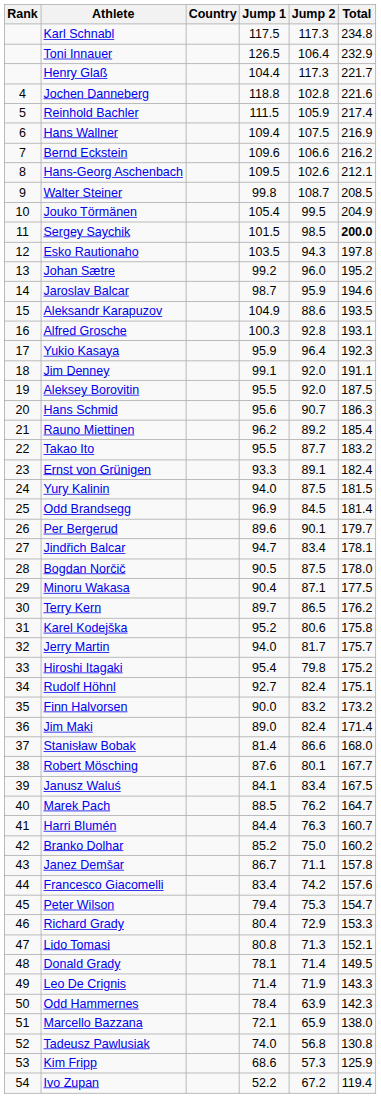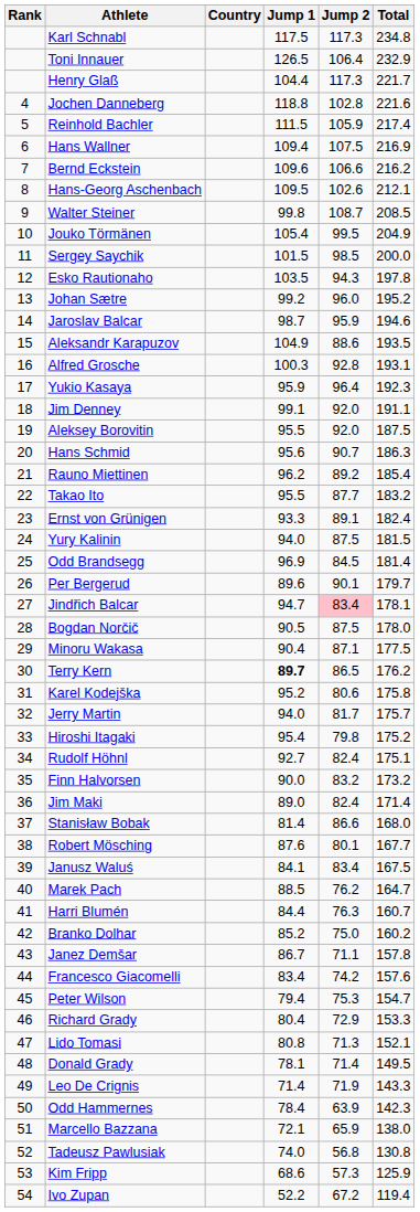 <table class="wikitable sortable" style="text-align:center">
 <tr>
 <th>Rank</th>
 <th>Athlete</th>
 <th>Country</th>
 <th>Jump 1</th>
 <th>Jump 2</th>
 <th>Total</th>
 </tr>
 <tr>
 <td></td>
 <td align=left><a href='#'>Karl Schnabl</a></td>
 <td align=left></td>
 <td>117.5</td>
 <td>117.3</td>
 <td>234.8</td>
 </tr>
 <tr>
 <td></td>
 <td align=left><a href='#'>Toni Innauer</a></td>
 <td align=left></td>
 <td>126.5</td>
 <td>106.4</td>
 <td>232.9</td>
 </tr>
 <tr>
 <td></td>
 <td align=left><a href='#'>Henry Glaß</a></td>
 <td align=left></td>
 <td>104.4</td>
 <td>117.3</td>
 <td>221.7</td>
 </tr>
 <tr>
 <td>4</td>
 <td align=left><a href='#'>Jochen Danneberg</a></td>
 <td align=left></td>
 <td>118.8</td>
 <td>102.8</td>
 <td>221.6</td>
 </tr>
 <tr>
 <td>5</td>
 <td align=left><a href='#'>Reinhold Bachler</a></td>
 <td align=left></td>
 <td>111.5</td>
 <td>105.9</td>
 <td>217.4</td>
 </tr>
 <tr>
 <td>6</td>
 <td align=left><a href='#'>Hans Wallner</a></td>
 <td align=left></td>
 <td>109.4</td>
 <td>107.5</td>
 <td>216.9</td>
 </tr>
 <tr>
 <td>7</td>
 <td align=left><a href='#'>Bernd Eckstein</a></td>
 <td align=left></td>
 <td>109.6</td>
 <td>106.6</td>
 <td>216.2</td>
 </tr>
 <tr>
 <td>8</td>
 <td align=left><a href='#'>Hans-Georg Aschenbach</a></td>
 <td align=left></td>
 <td>109.5</td>
 <td>102.6</td>
 <td>212.1</td>
 </tr>
 <tr>
 <td>9</td>
 <td align=left><a href='#'>Walter Steiner</a></td>
 <td align=left></td>
 <td>99.8</td>
 <td>108.7</td>
 <td>208.5</td>
 </tr>
 <tr>
 <td>10</td>
 <td align=left><a href='#'>Jouko Törmänen</a></td>
 <td align=left></td>
 <td>105.4</td>
 <td>99.5</td>
 <td>204.9</td>
 </tr>
 <tr>
 <td>11</td>
 <td align=left><a href='#'>Sergey Saychik</a></td>
 <td align=left></td>
 <td>101.5</td>
 <td>98.5</td>
-<td><strong>200.0</strong></td>
+<td>200.0</td>
 </tr>
 <tr>
 <td>12</td>
 <td align=left><a href='#'>Esko Rautionaho</a></td>
 <td align=left></td>
 <td>103.5</td>
 <td>94.3</td>
 <td>197.8</td>
 </tr>
 <tr>
 <td>13</td>
 <td align=left><a href='#'>Johan Sætre</a></td>
 <td align=left></td>
 <td>99.2</td>
 <td>96.0</td>
 <td>195.2</td>
 </tr>
 <tr>
 <td>14</td>
 <td align=left><a href='#'>Jaroslav Balcar</a></td>
 <td align=left></td>
 <td>98.7</td>
 <td>95.9</td>
 <td>194.6</td>
 </tr>
 <tr>
 <td>15</td>
 <td align=left><a href='#'>Aleksandr Karapuzov</a></td>
 <td align=left></td>
 <td>104.9</td>
 <td>88.6</td>
 <td>193.5</td>
 </tr>
 <tr>
 <td>16</td>
 <td align=left><a href='#'>Alfred Grosche</a></td>
 <td align=left></td>
 <td>100.3</td>
 <td>92.8</td>
 <td>193.1</td>
 </tr>
 <tr>
 <td>17</td>
 <td align=left><a href='#'>Yukio Kasaya</a></td>
 <td align=left></td>
 <td>95.9</td>
 <td>96.4</td>
 <td>192.3</td>
 </tr>
 <tr>
 <td>18</td>
 <td align=left><a href='#'>Jim Denney</a></td>
 <td align=left></td>
 <td>99.1</td>
 <td>92.0</td>
 <td>191.1</td>
 </tr>
 <tr>
 <td>19</td>
 <td align=left><a href='#'>Aleksey Borovitin</a></td>
 <td align=left></td>
 <td>95.5</td>
 <td>92.0</td>
 <td>187.5</td>
 </tr>
 <tr>
 <td>20</td>
 <td align=left><a href='#'>Hans Schmid</a></td>
 <td align=left></td>
 <td>95.6</td>
 <td>90.7</td>
 <td>186.3</td>
 </tr>
 <tr>
 <td>21</td>
 <td align=left><a href='#'>Rauno Miettinen</a></td>
 <td align=left></td>
 <td>96.2</td>
 <td>89.2</td>
 <td>185.4</td>
 </tr>
 <tr>
 <td>22</td>
 <td align=left><a href='#'>Takao Ito</a></td>
 <td align=left></td>
 <td>95.5</td>
 <td>87.7</td>
 <td>183.2</td>
 </tr>
 <tr>
 <td>23</td>
 <td align=left><a href='#'>Ernst von Grünigen</a></td>
 <td align=left></td>
 <td>93.3</td>
 <td>89.1</td>
 <td>182.4</td>
 </tr>
 <tr>
 <td>24</td>
 <td align=left><a href='#'>Yury Kalinin</a></td>
 <td align=left></td>
 <td>94.0</td>
 <td>87.5</td>
 <td>181.5</td>
 </tr>
 <tr>
 <td>25</td>
 <td align=left><a href='#'>Odd Brandsegg</a></td>
 <td align=left></td>
 <td>96.9</td>
 <td>84.5</td>
 <td>181.4</td>
 </tr>
 <tr>
 <td>26</td>
 <td align=left><a href='#'>Per Bergerud</a></td>
 <td align=left></td>
 <td>89.6</td>
 <td>90.1</td>
 <td>179.7</td>
 </tr>
 <tr>
 <td>27</td>
 <td align=left><a href='#'>Jindřich Balcar</a></td>
 <td align=left></td>
 <td>94.7</td>
-<td>83.4</td>
+<td style="background: pink;">83.4</td>
 <td>178.1</td>
 </tr>
 <tr>
 <td>28</td>
 <td align=left><a href='#'>Bogdan Norčič</a></td>
 <td align=left></td>
 <td>90.5</td>
 <td>87.5</td>
 <td>178.0</td>
 </tr>
 <tr>
 <td>29</td>
 <td align=left><a href='#'>Minoru Wakasa</a></td>
 <td align=left></td>
 <td>90.4</td>
 <td>87.1</td>
 <td>177.5</td>
 </tr>
 <tr>
 <td>30</td>
 <td align=left><a href='#'>Terry Kern</a></td>
 <td align=left></td>
-<td>89.7</td>
+<td><strong>89.7</strong></td>
 <td>86.5</td>
 <td>176.2</td>
 </tr>
 <tr>
 <td>31</td>
 <td align=left><a href='#'>Karel Kodejška</a></td>
 <td align=left></td>
 <td>95.2</td>
 <td>80.6</td>
 <td>175.8</td>
 </tr>
 <tr>
 <td>32</td>
 <td align=left><a href='#'>Jerry Martin</a></td>
 <td align=left></td>
 <td>94.0</td>
 <td>81.7</td>
 <td>175.7</td>
 </tr>
 <tr>
 <td>33</td>
 <td align=left><a href='#'>Hiroshi Itagaki</a></td>
 <td align=left></td>
 <td>95.4</td>
 <td>79.8</td>
 <td>175.2</td>
 </tr>
 <tr>
 <td>34</td>
 <td align=left><a href='#'>Rudolf Höhnl</a></td>
 <td align=left></td>
 <td>92.7</td>
 <td>82.4</td>
 <td>175.1</td>
 </tr>
 <tr>
 <td>35</td>
 <td align=left><a href='#'>Finn Halvorsen</a></td>
 <td align=left></td>
 <td>90.0</td>
 <td>83.2</td>
 <td>173.2</td>
 </tr>
 <tr>
 <td>36</td>
 <td align=left><a href='#'>Jim Maki</a></td>
 <td align=left></td>
 <td>89.0</td>
 <td>82.4</td>
 <td>171.4</td>
 </tr>
 <tr>
 <td>37</td>
 <td align=left><a href='#'>Stanisław Bobak</a></td>
 <td align=left></td>
 <td>81.4</td>
 <td>86.6</td>
 <td>168.0</td>
 </tr>
 <tr>
 <td>38</td>
 <td align=left><a href='#'>Robert Mösching</a></td>
 <td align=left></td>
 <td>87.6</td>
 <td>80.1</td>
 <td>167.7</td>
 </tr>
 <tr>
 <td>39</td>
 <td align=left><a href='#'>Janusz Waluś</a></td>
 <td align=left></td>
 <td>84.1</td>
 <td>83.4</td>
 <td>167.5</td>
 </tr>
 <tr>
 <td>40</td>
 <td align=left><a href='#'>Marek Pach</a></td>
 <td align=left></td>
 <td>88.5</td>
 <td>76.2</td>
 <td>164.7</td>
 </tr>
 <tr>
 <td>41</td>
 <td align=left><a href='#'>Harri Blumén</a></td>
 <td align=left></td>
 <td>84.4</td>
 <td>76.3</td>
 <td>160.7</td>
 </tr>
 <tr>
 <td>42</td>
 <td align=left><a href='#'>Branko Dolhar</a></td>
 <td align=left></td>
 <td>85.2</td>
 <td>75.0</td>
 <td>160.2</td>
 </tr>
 <tr>
 <td>43</td>
 <td align=left><a href='#'>Janez Demšar</a></td>
 <td align=left></td>
 <td>86.7</td>
 <td>71.1</td>
 <td>157.8</td>
 </tr>
 <tr>
 <td>44</td>
 <td align=left><a href='#'>Francesco Giacomelli</a></td>
 <td align=left></td>
 <td>83.4</td>
 <td>74.2</td>
 <td>157.6</td>
 </tr>
 <tr>
 <td>45</td>
 <td align=left><a href='#'>Peter Wilson</a></td>
 <td align=left></td>
 <td>79.4</td>
 <td>75.3</td>
 <td>154.7</td>
 </tr>
 <tr>
 <td>46</td>
 <td align=left><a href='#'>Richard Grady</a></td>
 <td align=left></td>
 <td>80.4</td>
 <td>72.9</td>
 <td>153.3</td>
 </tr>
 <tr>
 <td>47</td>
 <td align=left><a href='#'>Lido Tomasi</a></td>
 <td align=left></td>
 <td>80.8</td>
 <td>71.3</td>
 <td>152.1</td>
 </tr>
 <tr>
 <td>48</td>
 <td align=left><a href='#'>Donald Grady</a></td>
 <td align=left></td>
 <td>78.1</td>
 <td>71.4</td>
 <td>149.5</td>
 </tr>
 <tr>
 <td>49</td>
 <td align=left><a href='#'>Leo De Crignis</a></td>
 <td align=left></td>
 <td>71.4</td>
 <td>71.9</td>
 <td>143.3</td>
 </tr>
 <tr>
 <td>50</td>
 <td align=left><a href='#'>Odd Hammernes</a></td>
 <td align=left></td>
 <td>78.4</td>
 <td>63.9</td>
 <td>142.3</td>
 </tr>
 <tr>
 <td>51</td>
 <td align=left><a href='#'>Marcello Bazzana</a></td>
 <td align=left></td>
 <td>72.1</td>
 <td>65.9</td>
 <td>138.0</td>
 </tr>
 <tr>
 <td>52</td>
 <td align=left><a href='#'>Tadeusz Pawlusiak</a></td>
 <td align=left></td>
 <td>74.0</td>
 <td>56.8</td>
 <td>130.8</td>
 </tr>
 <tr>
 <td>53</td>
 <td align=left><a href='#'>Kim Fripp</a></td>
 <td align=left></td>
 <td>68.6</td>
 <td>57.3</td>
 <td>125.9</td>
 </tr>
 <tr>
 <td>54</td>
 <td align=left><a href='#'>Ivo Zupan</a></td>
 <td align=left></td>
 <td>52.2</td>
 <td>67.2</td>
 <td>119.4</td>
 </tr>
 </table>
